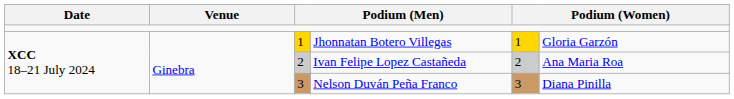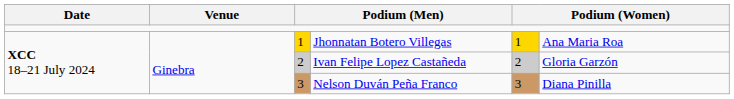 <table class="wikitable" width=70%>
 <tr>
 <th>Date</th>
 <th width=20%>Venue</th>
 <th colspan=2 width=30%>Podium (Men)</th>
 <th colspan=2 width=30%>Podium (Women)</th>
 </tr>
 <tr>
 <td colspan=6></td>
 </tr>
 <tr>
 <td rowspan=3><strong>XCC</strong> <br> 18–21 July 2024</td>
 <td rowspan=3><br><a href='#'>Ginebra</a></td>
 <td bgcolor=FFD700>1</td>
 <td><a href='#'>Jhonnatan Botero Villegas</a></td>
 <td bgcolor=FFD700>1</td>
-<td><a href='#'>Gloria Garzón</a></td>
+<td><a href='#'>Ana Maria Roa</a></td>
 </tr>
 <tr>
 <td bgcolor=CCCCCC>2</td>
 <td><a href='#'>Ivan Felipe Lopez Castañeda</a></td>
 <td bgcolor=CCCCCC>2</td>
-<td><a href='#'>Ana Maria Roa</a></td>
+<td><a href='#'>Gloria Garzón</a></td>
 </tr>
 <tr>
 <td bgcolor=CC9966>3</td>
 <td><a href='#'>Nelson Duván Peña Franco</a></td>
 <td bgcolor=CC9966>3</td>
 <td><a href='#'>Diana Pinilla</a></td>
 </tr>
 </table>
